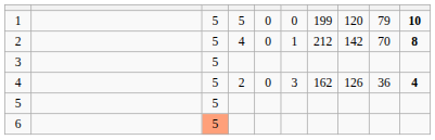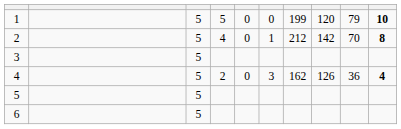 <table class="wikitable" style="text-align:center; font-size:95%">
 <tr>
 <th width="25"></th>
 <th width="200"></th>
 <th width="25"></th>
 <th width="25"></th>
 <th width="25"></th>
 <th width="25"></th>
 <th width="30"></th>
 <th width="30"></th>
 <th width="30"></th>
 <th width="30"></th>
 </tr>
 <tr>
 <td>1</td>
 <td style="text-align:left"></td>
 <td>5</td>
 <td>5</td>
 <td>0</td>
 <td>0</td>
 <td>199</td>
 <td>120</td>
 <td>79</td>
 <td><strong>10</strong></td>
 </tr>
 <tr>
 <td>2</td>
 <td style="text-align:left"></td>
 <td>5</td>
 <td>4</td>
 <td>0</td>
 <td>1</td>
 <td>212</td>
 <td>142</td>
 <td>70</td>
 <td><strong>8</strong></td>
 </tr>
 <tr>
 <td>3</td>
 <td style="text-align:left"></td>
 <td>5</td>
 <td></td>
 <td></td>
 <td></td>
 <td></td>
 <td></td>
 <td></td>
 <td></td>
 </tr>
 <tr>
 <td>4</td>
 <td style="text-align:left"></td>
 <td>5</td>
 <td>2</td>
 <td>0</td>
 <td>3</td>
 <td>162</td>
 <td>126</td>
 <td>36</td>
 <td><strong>4</strong></td>
 </tr>
 <tr>
 <td>5</td>
 <td style="text-align:left"><em></em></td>
 <td>5</td>
 <td></td>
 <td></td>
 <td></td>
 <td></td>
 <td></td>
 <td></td>
 <td></td>
 </tr>
 <tr>
 <td>6</td>
 <td style="text-align:left"><em></em></td>
-<td style="background: lightsalmon;">5</td>
+<td>5</td>
 <td></td>
 <td></td>
 <td></td>
 <td></td>
 <td></td>
 <td></td>
 <td></td>
 </tr>
 </table>
